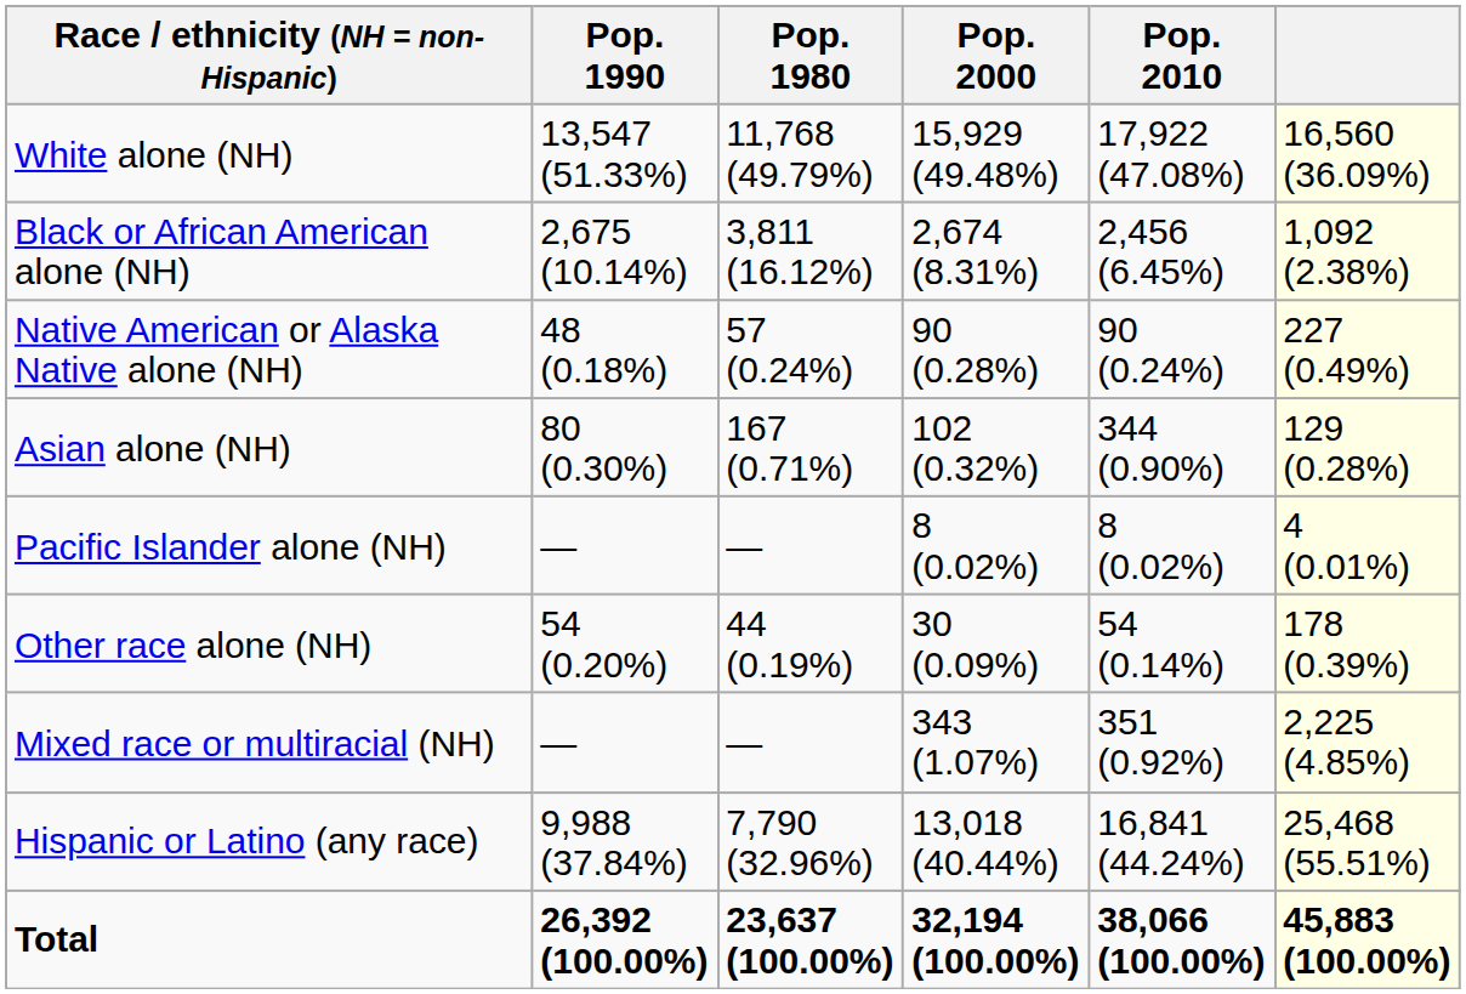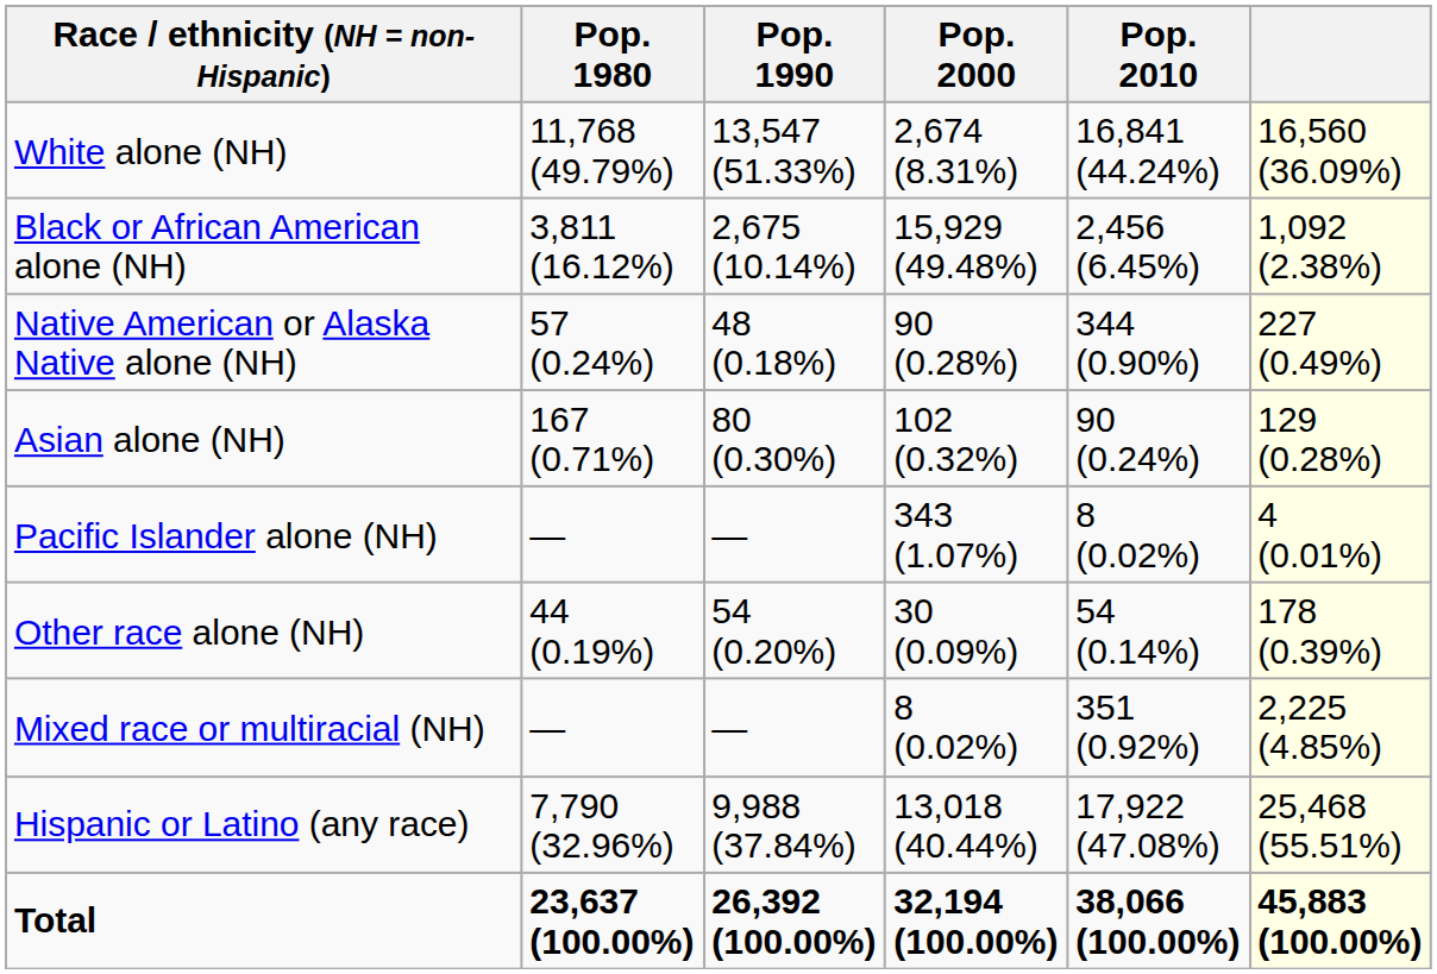 <table class="wikitable sortable collapsible" style="font-size: 95%;">
 <tr>
 <th>Race / ethnicity <small>(<em>NH = non-Hispanic</em>)</small></th>
+<th>Pop. 1980</th>
 <th>Pop. 1990</th>
-<th>Pop. 1980</th>
 <th>Pop. 2000</th>
 <th>Pop. 2010</th>
 <th></th>
 </tr>
 <tr>
 <td><a href='#'>White</a> alone (NH)</td>
+<td>11,768<br>(49.79%)</td>
 <td>13,547<br>(51.33%)</td>
-<td>11,768<br>(49.79%)</td>
-<td>15,929<br>(49.48%)</td>
-<td>17,922<br>(47.08%)</td>
+<td>2,674<br>(8.31%)</td>
+<td>16,841<br>(44.24%)</td>
 <td style='background: #ffffe6;'>16,560<br>(36.09%)</td>
 </tr>
 <tr>
 <td><a href='#'>Black or African American</a> alone (NH)</td>
+<td>3,811<br>(16.12%)</td>
 <td>2,675<br>(10.14%)</td>
-<td>3,811<br>(16.12%)</td>
-<td>2,674<br>(8.31%)</td>
+<td>15,929<br>(49.48%)</td>
 <td>2,456<br>(6.45%)</td>
 <td style='background: #ffffe6;'>1,092<br>(2.38%)</td>
 </tr>
 <tr>
 <td><a href='#'>Native American</a> or <a href='#'>Alaska Native</a> alone (NH)</td>
+<td>57<br>(0.24%)</td>
 <td>48<br>(0.18%)</td>
-<td>57<br>(0.24%)</td>
 <td>90<br>(0.28%)</td>
-<td>90<br>(0.24%)</td>
+<td>344<br>(0.90%)</td>
 <td style='background: #ffffe6;'>227<br>(0.49%)</td>
 </tr>
 <tr>
 <td><a href='#'>Asian</a> alone (NH)</td>
+<td>167<br>(0.71%)</td>
 <td>80<br>(0.30%)</td>
-<td>167<br>(0.71%)</td>
 <td>102<br>(0.32%)</td>
-<td>344<br>(0.90%)</td>
+<td>90<br>(0.24%)</td>
 <td style='background: #ffffe6;'>129<br>(0.28%)</td>
 </tr>
 <tr>
 <td><a href='#'>Pacific Islander</a> alone (NH)</td>
 <td>—</td>
 <td>—</td>
-<td>8<br>(0.02%)</td>
+<td>343<br>(1.07%)</td>
 <td>8<br>(0.02%)</td>
 <td style='background: #ffffe6;'>4<br>(0.01%)</td>
 </tr>
 <tr>
 <td><a href='#'>Other race</a> alone (NH)</td>
+<td>44<br>(0.19%)</td>
 <td>54<br>(0.20%)</td>
-<td>44<br>(0.19%)</td>
 <td>30<br>(0.09%)</td>
 <td>54<br>(0.14%)</td>
 <td style='background: #ffffe6;'>178<br>(0.39%)</td>
 </tr>
 <tr>
 <td><a href='#'>Mixed race or multiracial</a> (NH)</td>
 <td>—</td>
 <td>—</td>
-<td>343<br>(1.07%)</td>
+<td>8<br>(0.02%)</td>
 <td>351<br>(0.92%)</td>
 <td style='background: #ffffe6;'>2,225<br>(4.85%)</td>
 </tr>
 <tr>
 <td><a href='#'>Hispanic or Latino</a> (any race)</td>
+<td>7,790<br>(32.96%)</td>
 <td>9,988<br>(37.84%)</td>
-<td>7,790<br>(32.96%)</td>
 <td>13,018<br>(40.44%)</td>
-<td>16,841<br>(44.24%)</td>
+<td>17,922<br>(47.08%)</td>
 <td style='background: #ffffe6;'>25,468<br>(55.51%)</td>
 </tr>
 <tr>
 <td><strong>Total</strong></td>
+<td><strong>23,637<br>(100.00%)</strong></td>
 <td><strong>26,392<br>(100.00%)</strong></td>
-<td><strong>23,637<br>(100.00%)</strong></td>
 <td><strong>32,194<br>(100.00%)</strong></td>
 <td><strong>38,066<br>(100.00%)</strong></td>
 <td style='background: #ffffe6;'><strong>45,883<br>(100.00%)</strong></td>
 </tr>
 </table>
